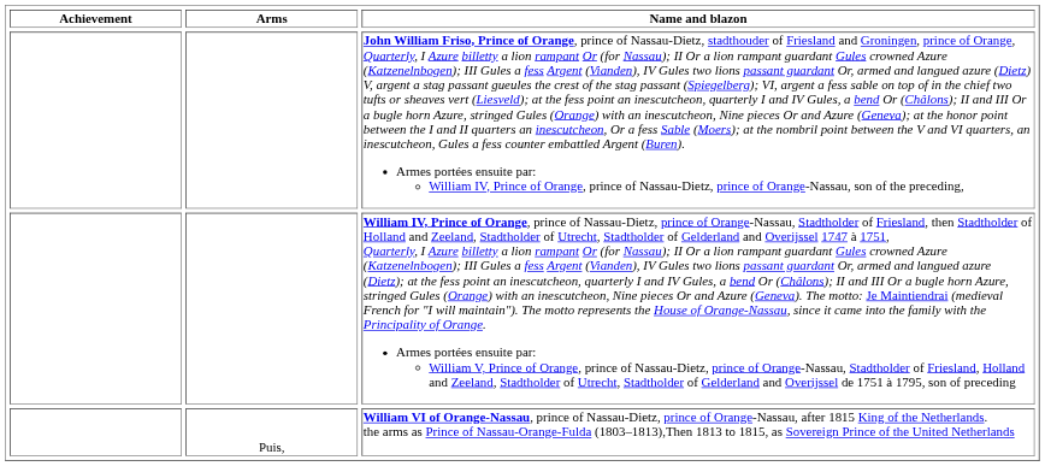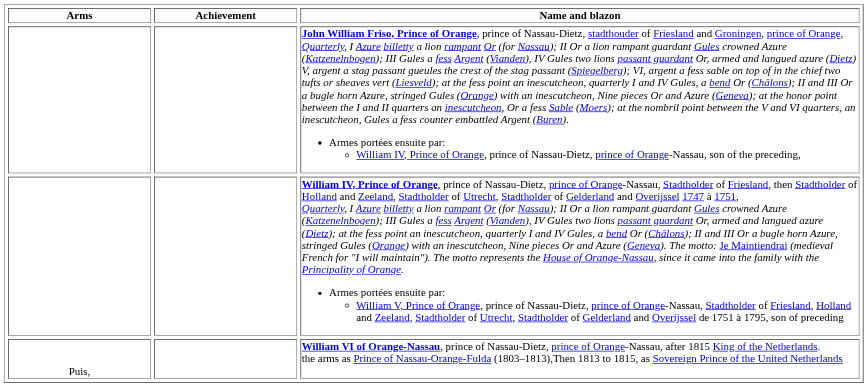 <table border=1 cellspacing=5 width="100%">
 <tr valign=top align=center>
+<td width="206"><strong>Arms</strong></td>
 <td width="206"><strong>Achievement</strong></td>
-<td width="206"><strong>Arms</strong></td>
 <td><strong>Name and blazon</strong></td>
 </tr>
 <tr valign=top>
+<td align=center><br><br><br><br><br></td>
 <td align=center><br><br></td>
-<td align=center><br><br><br><br><br></td>
 <td><strong><a href='#'>John William Friso, Prince of Orange</a></strong>, prince of Nassau-Dietz, <a href='#'>stadthouder</a> of <a href='#'>Friesland</a> and <a href='#'>Groningen</a>, <a href='#'>prince of Orange</a>,<br><em><a href='#'>Quarterly</a>, I <a href='#'>Azure</a> <a href='#'>billetty</a> a lion <a href='#'>rampant</a> <a href='#'>Or</a> (for <a href='#'>Nassau</a>); II Or a lion rampant guardant <a href='#'>Gules</a> crowned Azure (<a href='#'>Katzenelnbogen</a>); III Gules a <a href='#'>fess</a> <a href='#'>Argent</a> (<a href='#'>Vianden</a>), IV Gules two lions <a href='#'>passant guardant</a> Or, armed and langued azure (<a href='#'>Dietz</a>) V, argent a stag passant gueules the crest of the stag passant (<a href='#'>Spiegelberg</a>); VI, argent a fess sable on top of in the chief two tufts or sheaves vert (<a href='#'>Liesveld</a>); at the fess point an inescutcheon, quarterly I and IV Gules, a <a href='#'>bend</a> Or (<a href='#'>Châlons</a>); II and III Or a bugle horn Azure, stringed Gules (<a href='#'>Orange</a>) with an inescutcheon, Nine pieces Or and Azure (<a href='#'>Geneva</a>); at the honor point between the I and II quarters an <a href='#'>inescutcheon</a>, Or a fess <a href='#'>Sable</a> (<a href='#'>Moers</a>); at the nombril point between the V and VI quarters, an inescutcheon, Gules a fess counter embattled Argent (<a href='#'>Buren</a>).</em> <ul><li>Armes portées ensuite par:<ul><li><a href='#'>William IV, Prince of Orange</a>, prince of Nassau-Dietz, <a href='#'>prince of Orange</a>-Nassau, son of the preceding,</li></ul></li></ul></td>
 </tr>
 <tr valign=top>
+<td align=center><br><br><br><br><br><br><br></td>
 <td align=center><br><br><br></td>
-<td align=center><br><br><br><br><br><br><br></td>
 <td><strong><a href='#'>William IV, Prince of Orange</a></strong>, prince of Nassau-Dietz, <a href='#'>prince of Orange</a>-Nassau, <a href='#'>Stadtholder</a> of <a href='#'>Friesland</a>, then <a href='#'>Stadtholder</a> of <a href='#'>Holland</a> and <a href='#'>Zeeland</a>, <a href='#'>Stadtholder</a> of <a href='#'>Utrecht</a>, <a href='#'>Stadtholder</a> of <a href='#'>Gelderland</a> and <a href='#'>Overijssel</a> <a href='#'>1747</a> à <a href='#'>1751</a>,<br><em><a href='#'>Quarterly</a>, I <a href='#'>Azure</a> <a href='#'>billetty</a> a lion <a href='#'>rampant</a> <a href='#'>Or</a> (for <a href='#'>Nassau</a>); II Or a lion rampant guardant <a href='#'>Gules</a> crowned Azure (<a href='#'>Katzenelnbogen</a>); III Gules a <a href='#'>fess</a> <a href='#'>Argent</a> (<a href='#'>Vianden</a>), IV Gules two lions <a href='#'>passant guardant</a> Or, armed and langued azure (<a href='#'>Dietz</a>); at the fess point an inescutcheon, quarterly I and IV Gules, a <a href='#'>bend</a> Or (<a href='#'>Châlons</a>); II and III Or a bugle horn Azure, stringed Gules (<a href='#'>Orange</a>) with an inescutcheon, Nine pieces Or and Azure (<a href='#'>Geneva</a>). The motto: </em><a href='#'>Je Maintiendrai</a><em> (medieval French for "I will maintain"). The motto represents the <a href='#'>House of Orange-Nassau</a>, since it came into the family with the <a href='#'>Principality of Orange</a>.</em><ul><li>Armes portées ensuite par:<ul><li><a href='#'>William V, Prince of Orange</a>, prince of Nassau-Dietz, <a href='#'>prince of Orange</a>-Nassau, <a href='#'>Stadtholder</a> of <a href='#'>Friesland</a>, <a href='#'>Holland</a> and <a href='#'>Zeeland</a>, <a href='#'>Stadtholder</a> of <a href='#'>Utrecht</a>, <a href='#'>Stadtholder</a> of <a href='#'>Gelderland</a> and <a href='#'>Overijssel</a> de 1751 à 1795, son of preceding</li></ul></li></ul></td>
 </tr>
 <tr valign=top>
+<td align=center><br><br>Puis,<br></td>
 <td align=center><br> <br></td>
-<td align=center><br><br>Puis,<br></td>
 <td><strong><a href='#'>William VI of Orange-Nassau</a></strong>, prince of Nassau-Dietz, <a href='#'>prince of Orange</a>-Nassau, after 1815 <a href='#'>King of the Netherlands</a>.<br>the arms as <a href='#'>Prince of Nassau-Orange-Fulda</a> (1803–1813),Then 1813 to 1815, as <a href='#'>Sovereign Prince of the United Netherlands</a></td>
 </tr>
 </table>
